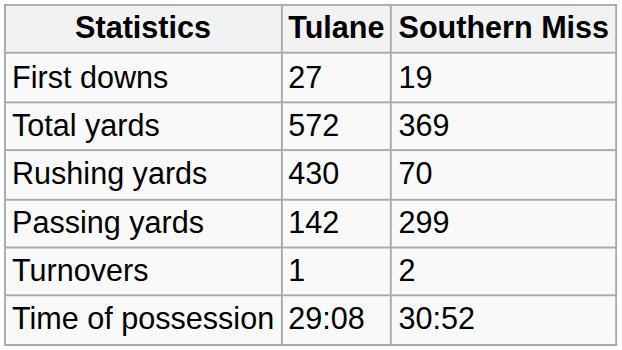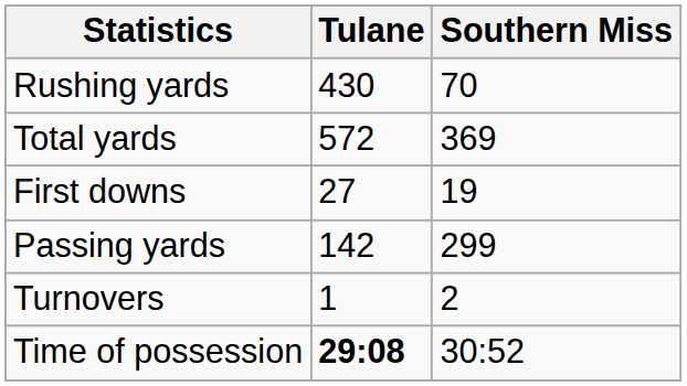 <table class="wikitable">
 <tr>
 <th>Statistics</th>
 <th>Tulane</th>
 <th>Southern Miss</th>
 </tr>
 <tr>
-<td>First downs</td>
-<td>27</td>
-<td>19</td>
+<td>Rushing yards</td>
+<td>430</td>
+<td>70</td>
 </tr>
 <tr>
 <td>Total yards</td>
 <td>572</td>
 <td>369</td>
 </tr>
 <tr>
-<td>Rushing yards</td>
-<td>430</td>
-<td>70</td>
+<td>First downs</td>
+<td>27</td>
+<td>19</td>
 </tr>
 <tr>
 <td>Passing yards</td>
 <td>142</td>
 <td>299</td>
 </tr>
 <tr>
 <td>Turnovers</td>
 <td>1</td>
 <td>2</td>
 </tr>
 <tr>
 <td>Time of possession</td>
-<td>29:08</td>
+<td><strong>29:08</strong></td>
 <td>30:52</td>
 </tr>
 <tr>
 </tr>
 </table>
